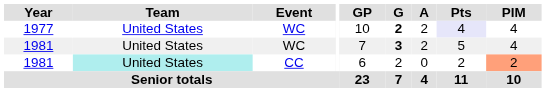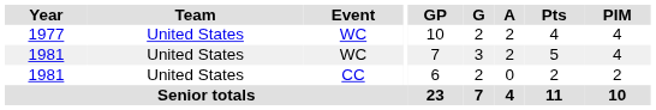 <table border="0" cellpadding="1" cellspacing="0" ID="Table3" style="text-align:center; width:40em">
 <tr bgcolor="#e0e0e0">
 <th>Year</th>
 <th>Team</th>
 <th>Event</th>
 <th rowspan="102" bgcolor="#ffffff"></th>
 <th>GP</th>
 <th>G</th>
 <th>A</th>
 <th>Pts</th>
 <th>PIM</th>
 </tr>
 <tr>
 <td><a href='#'>1977</a></td>
 <td><a href='#'>United States</a></td>
 <td><a href='#'>WC</a></td>
 <td>10</td>
-<td><strong>2</strong></td>
 <td>2</td>
-<td style="background: lavender;">4</td>
+<td>2</td>
+<td>4</td>
 <td>4</td>
 </tr>
 <tr bgcolor="#f0f0f0">
 <td><a href='#'>1981</a></td>
 <td>United States</td>
 <td>WC</td>
 <td>7</td>
-<td><strong>3</strong></td>
+<td>3</td>
 <td>2</td>
 <td>5</td>
 <td>4</td>
 </tr>
 <tr>
 <td><a href='#'>1981</a></td>
-<td style="background: paleturquoise;">United States</td>
+<td>United States</td>
 <td><a href='#'>CC</a></td>
 <td>6</td>
 <td>2</td>
 <td>0</td>
 <td>2</td>
-<td style="background: lightsalmon;">2</td>
+<td>2</td>
 </tr>
 <tr bgcolor="#e0e0e0">
 <th colspan="4">Senior totals</th>
 <th>23</th>
 <th>7</th>
 <th>4</th>
 <th>11</th>
 <th>10</th>
 </tr>
 </table>
